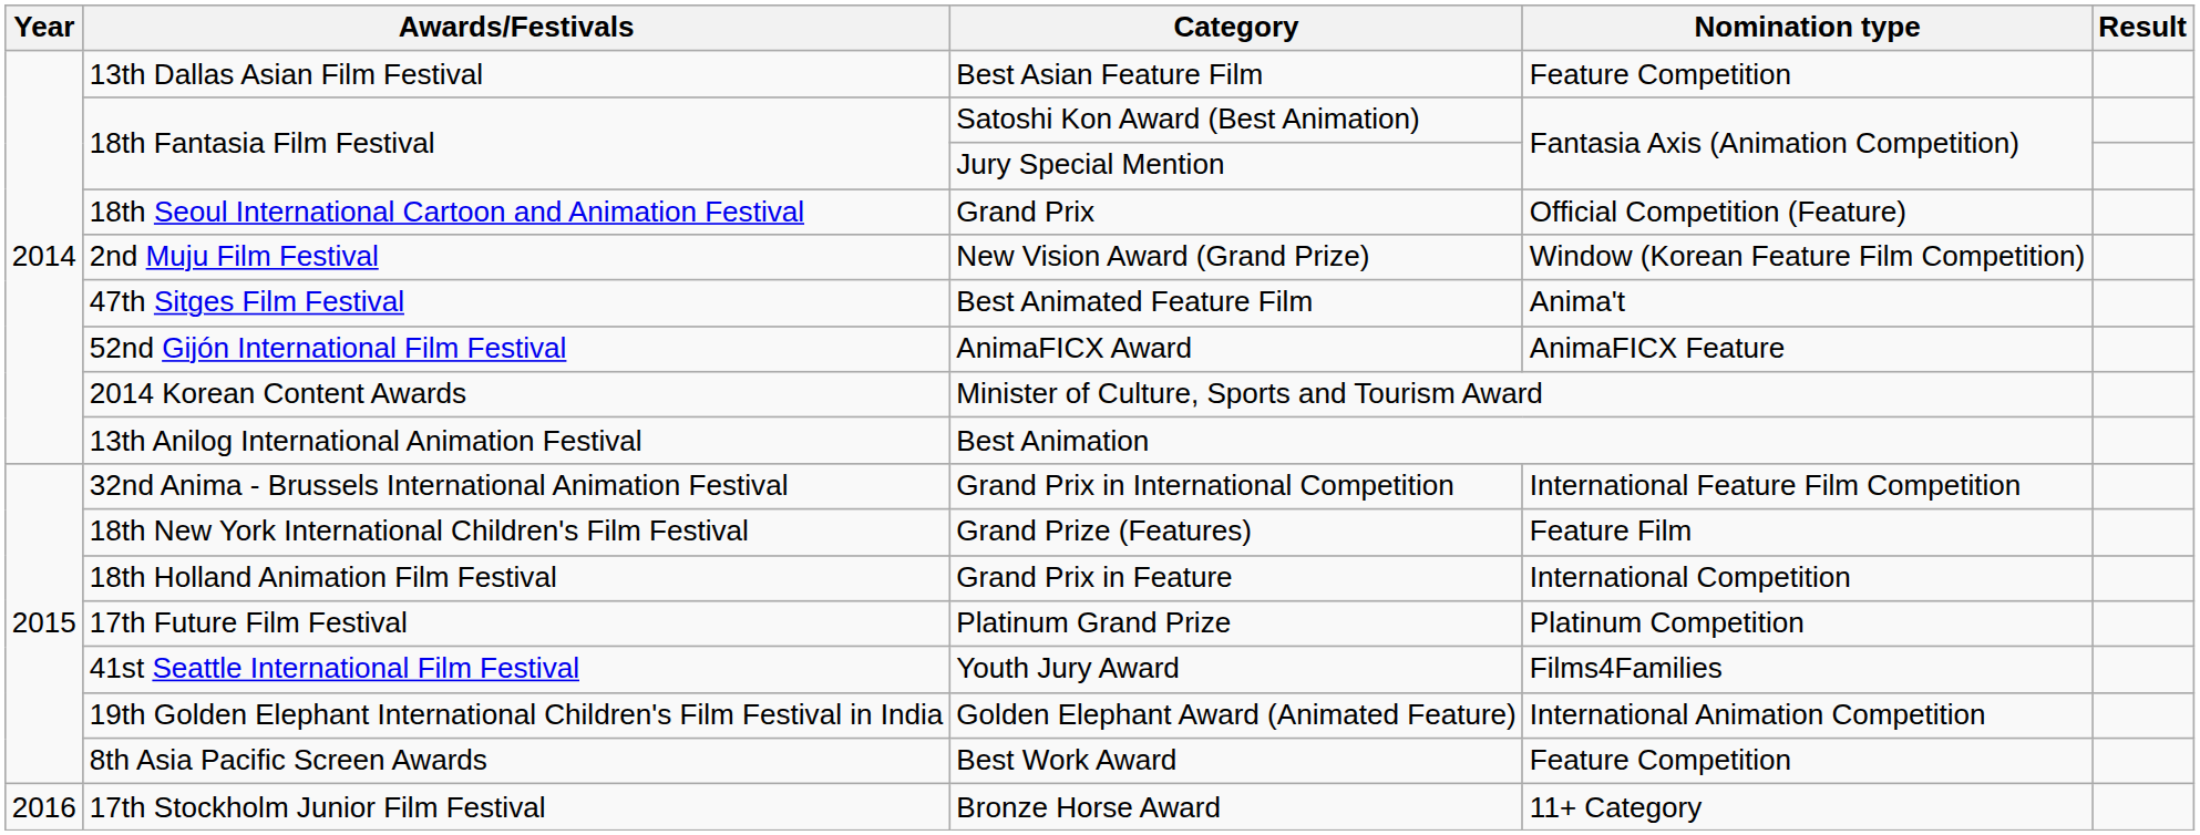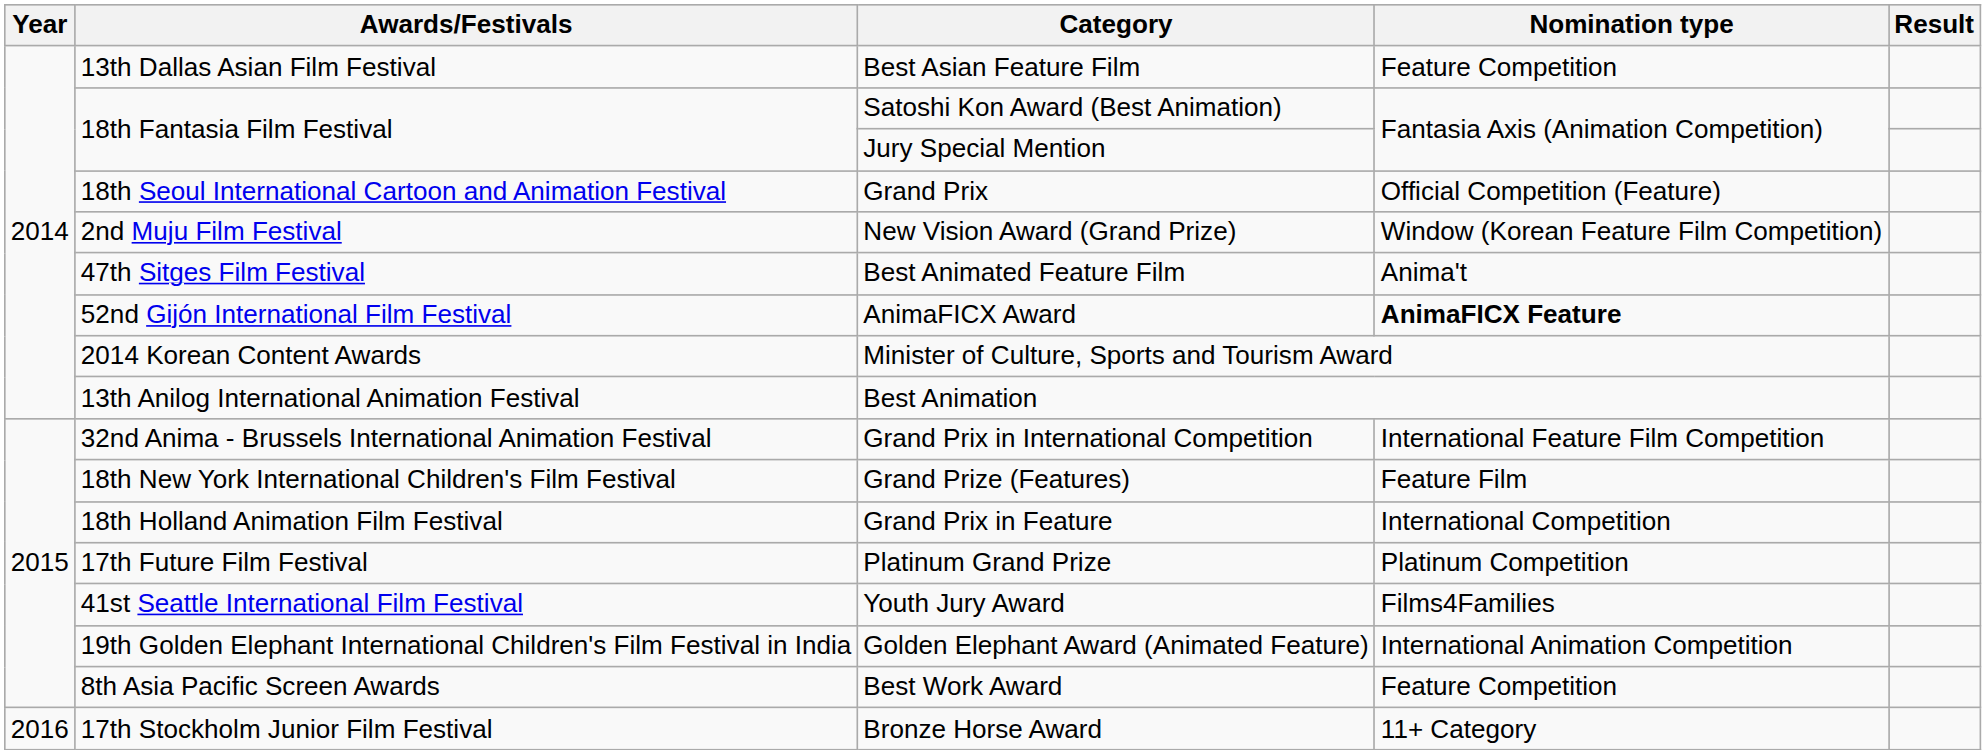 <table class="wikitable">
 <tr>
 <th>Year</th>
 <th>Awards/Festivals</th>
 <th>Category</th>
 <th>Nomination type</th>
 <th>Result</th>
 </tr>
 <tr>
 <td rowspan=9>2014</td>
 <td>13th Dallas Asian Film Festival</td>
 <td>Best Asian Feature Film</td>
 <td>Feature Competition</td>
 <td></td>
 </tr>
 <tr>
 <td rowspan=2>18th Fantasia Film Festival</td>
 <td>Satoshi Kon Award (Best Animation)</td>
 <td rowspan=2>Fantasia Axis (Animation Competition)</td>
 <td></td>
 </tr>
 <tr>
 <td>Jury Special Mention</td>
 <td></td>
 </tr>
 <tr>
 <td>18th <a href='#'>Seoul International Cartoon and Animation Festival</a></td>
 <td>Grand Prix</td>
 <td>Official Competition (Feature)</td>
 <td></td>
 </tr>
 <tr>
 <td>2nd <a href='#'>Muju Film Festival</a></td>
 <td>New Vision Award (Grand Prize)</td>
 <td>Window (Korean Feature Film Competition)</td>
 <td></td>
 </tr>
 <tr>
 <td>47th <a href='#'>Sitges Film Festival</a></td>
 <td>Best Animated Feature Film</td>
 <td>Anima't</td>
 <td></td>
 </tr>
 <tr>
 <td>52nd <a href='#'>Gijón International Film Festival</a></td>
 <td>AnimaFICX Award</td>
-<td>AnimaFICX Feature</td>
+<td><strong>AnimaFICX Feature</strong></td>
 <td></td>
 </tr>
 <tr>
 <td>2014 Korean Content Awards</td>
 <td colspan=2>Minister of Culture, Sports and Tourism Award</td>
 <td></td>
 </tr>
 <tr>
 <td>13th Anilog International Animation Festival</td>
 <td colspan=2>Best Animation</td>
 <td></td>
 </tr>
 <tr>
 <td rowspan=7>2015</td>
 <td>32nd Anima - Brussels International Animation Festival</td>
 <td>Grand Prix in International Competition</td>
 <td>International Feature Film Competition</td>
 <td></td>
 </tr>
 <tr>
 <td>18th New York International Children's Film Festival</td>
 <td>Grand Prize (Features)</td>
 <td>Feature Film</td>
 <td></td>
 </tr>
 <tr>
 <td>18th Holland Animation Film Festival</td>
 <td>Grand Prix in Feature</td>
 <td>International Competition</td>
 <td></td>
 </tr>
 <tr>
 <td>17th Future Film Festival</td>
 <td>Platinum Grand Prize</td>
 <td>Platinum Competition</td>
 <td></td>
 </tr>
 <tr>
 <td>41st <a href='#'>Seattle International Film Festival</a></td>
 <td>Youth Jury Award</td>
 <td>Films4Families</td>
 <td></td>
 </tr>
 <tr>
 <td>19th Golden Elephant International Children's Film Festival in India</td>
 <td>Golden Elephant Award (Animated Feature)</td>
 <td>International Animation Competition</td>
 <td></td>
 </tr>
 <tr>
 <td>8th Asia Pacific Screen Awards</td>
 <td>Best Work Award</td>
 <td>Feature Competition</td>
 <td></td>
 </tr>
 <tr>
 <td>2016</td>
 <td>17th Stockholm Junior Film Festival</td>
 <td>Bronze Horse Award</td>
 <td>11+ Category</td>
 <td></td>
 </tr>
 </table>
